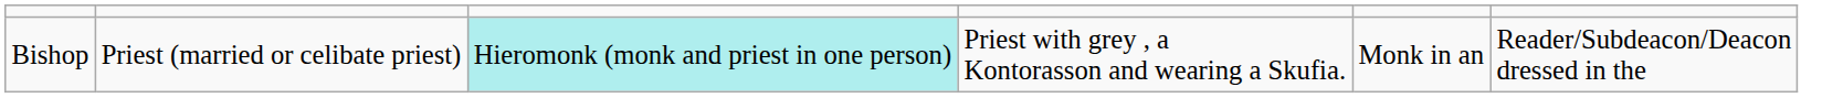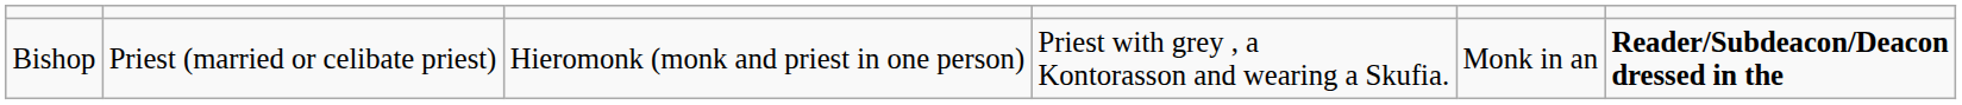 <table class="wikitable">
 <tr>
 <td></td>
 <td></td>
 <td></td>
 <td></td>
 <td></td>
 <td></td>
 </tr>
 <tr>
 <td>Bishop</td>
 <td>Priest (married or celibate priest)</td>
-<td style="background: paleturquoise;">Hieromonk (monk and priest in one person)</td>
+<td>Hieromonk (monk and priest in one person)</td>
 <td>Priest with grey , a <br> Kontorasson and wearing a Skufia.</td>
 <td>Monk in an </td>
-<td>Reader/Subdeacon/Deacon <br> dressed in the </td>
+<td><strong>Reader/Subdeacon/Deacon <br> dressed in the </strong></td>
 </tr>
 </table>
